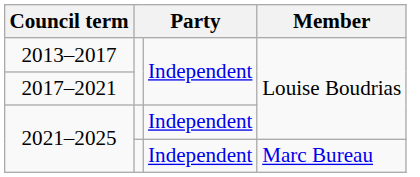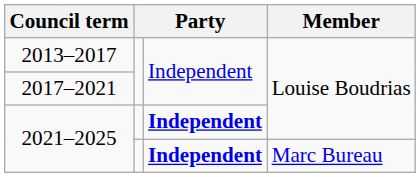 <table class="wikitable">
 <tr>
 <th>Council term</th>
 <th colspan="2">Party</th>
 <th>Member</th>
 </tr>
 <tr>
 <td align="center">2013–2017</td>
 <td rowspan="2" style="color:inherit;background-color:"></td>
 <td rowspan="2"><a href='#'>Independent</a></td>
 <td rowspan="3">Louise Boudrias</td>
 </tr>
 <tr>
 <td align="center">2017–2021</td>
 </tr>
 <tr>
 <td rowspan="2" align="center">2021–2025</td>
 <td style="color:inherit;background-color:"></td>
-<td><a href='#'>Independent</a></td>
+<td><strong><a href='#'>Independent</a></strong></td>
 </tr>
 <tr>
 <td style="color:inherit;background-color:"></td>
-<td><a href='#'>Independent</a></td>
+<td><strong><a href='#'>Independent</a></strong></td>
 <td><a href='#'>Marc Bureau</a></td>
 </tr>
 </table>
